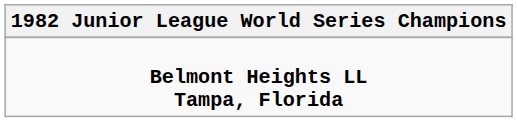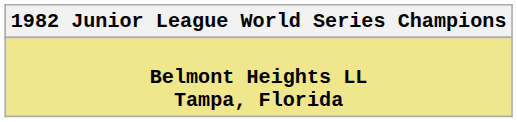 <table class="wikitable" style="text-align: center; margin: 0 auto;">
 <tr>
 <th>1982 Junior League World Series Champions</th>
 </tr>
 <tr>
 </tr>
 <tr>
-<td><br><strong>Belmont Heights LL</strong><br><strong>Tampa, Florida</strong></td>
+<td style="background: khaki;"><br><strong>Belmont Heights LL</strong><br><strong>Tampa, Florida</strong></td>
 </tr>
 </table>
